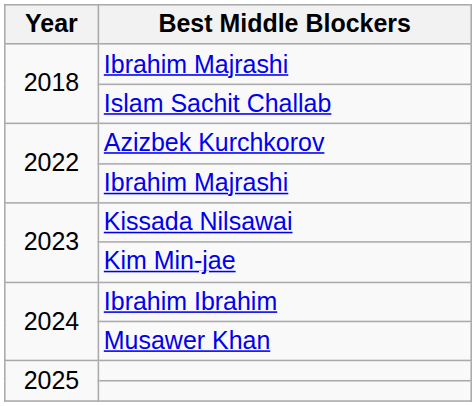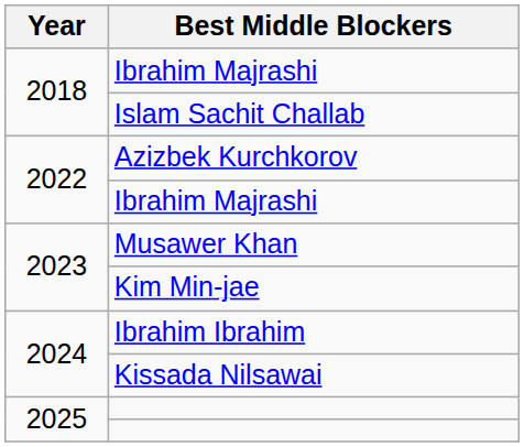 <table class="wikitable" style="width: 300px;">
 <tr>
 <th style="width: 20%;">Year</th>
 <th style="width: 80%;">Best Middle Blockers</th>
 </tr>
 <tr>
 <td align=center rowspan=2>2018</td>
 <td> <a href='#'>Ibrahim Majrashi</a></td>
 </tr>
 <tr>
 <td> <a href='#'>Islam Sachit Challab</a></td>
 </tr>
 <tr>
 <td align=center rowspan=2>2022</td>
 <td> <a href='#'>Azizbek Kurchkorov</a></td>
 </tr>
 <tr>
 <td> <a href='#'>Ibrahim Majrashi</a></td>
 </tr>
 <tr>
 <td align=center rowspan=2>2023</td>
-<td> <a href='#'>Kissada Nilsawai</a></td>
+<td> <a href='#'>Musawer Khan</a></td>
 </tr>
 <tr>
 <td> <a href='#'>Kim Min-jae</a></td>
 </tr>
 <tr>
 <td align=center rowspan=2>2024</td>
 <td> <a href='#'>Ibrahim Ibrahim</a></td>
 </tr>
 <tr>
-<td> <a href='#'>Musawer Khan</a></td>
+<td> <a href='#'>Kissada Nilsawai</a></td>
 </tr>
 <tr>
 <td align=center rowspan=2>2025</td>
 <td></td>
 </tr>
 <tr>
 <td></td>
 </tr>
 </table>
